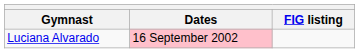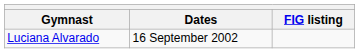 <table class="wikitable mw-collapsible mw-collapsed" width="75%">
 <tr>
 <th colspan="3"></th>
 </tr>
 <tr>
 <th>Gymnast</th>
 <th>Dates</th>
 <th><a href='#'>FIG</a> listing</th>
 </tr>
 <tr>
 <td><a href='#'>Luciana Alvarado</a></td>
-<td style="background: pink;">16 September 2002</td>
+<td>16 September 2002</td>
 <td></td>
 </tr>
 </table>
